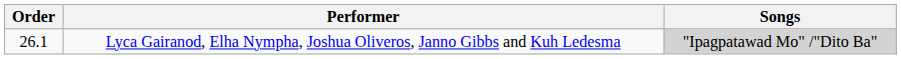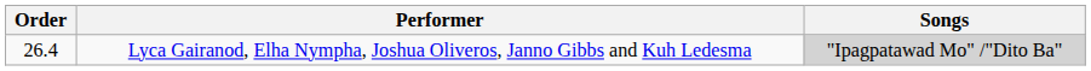 <table class="wikitable" style="text-align:center; line-height:17px; width:100%;">
 <tr>
 <th>Order</th>
 <th>Performer</th>
 <th>Songs</th>
 </tr>
 <tr>
-<td>26.1</td>
+<td>26.4</td>
 <td><a href='#'>Lyca Gairanod</a>, <a href='#'>Elha Nympha</a>, <a href='#'>Joshua Oliveros</a>, <a href='#'>Janno Gibbs</a> and <a href='#'>Kuh Ledesma</a></td>
 <td style="background: lightgrey;">"Ipagpatawad Mo" /"Dito Ba"</td>
 </tr>
 </table>
